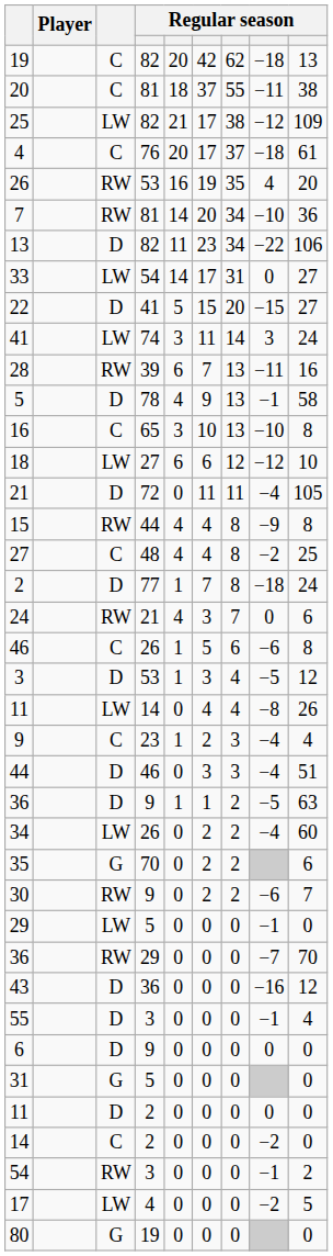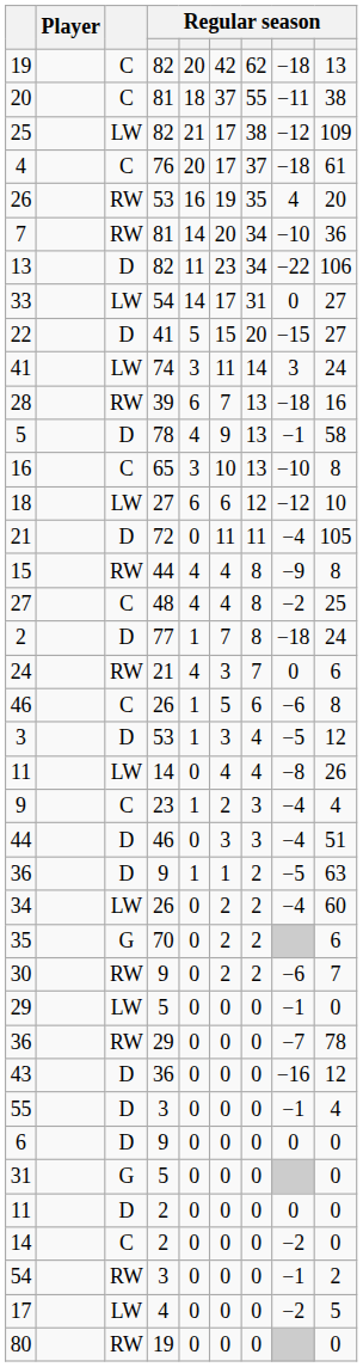 <table class="wikitable sortable plainrowheaders" style="text-align:center;">
 <tr>
 <th scope="col" data-sort-type="number" rowspan="2"></th>
 <th scope="col" rowspan="2">Player</th>
 <th scope="col" rowspan="2"></th>
 <th scope=colgroup colspan=6>Regular season</th>
 </tr>
 <tr>
 <th scope="col" data-sort-type="number"></th>
 <th scope="col" data-sort-type="number"></th>
 <th scope="col" data-sort-type="number"></th>
 <th scope="col" data-sort-type="number"></th>
 <th scope="col" data-sort-type="number"></th>
 <th scope="col" data-sort-type="number"></th>
 </tr>
 <tr>
 <td scope="row">19</td>
 <td align="left"></td>
 <td>C</td>
 <td>82</td>
 <td>20</td>
 <td>42</td>
 <td>62</td>
 <td>−18</td>
 <td>13</td>
 </tr>
 <tr>
 <td scope="row">20</td>
 <td align="left"></td>
 <td>C</td>
 <td>81</td>
 <td>18</td>
 <td>37</td>
 <td>55</td>
 <td>−11</td>
 <td>38</td>
 </tr>
 <tr>
 <td scope="row">25</td>
 <td align="left"></td>
 <td>LW</td>
 <td>82</td>
 <td>21</td>
 <td>17</td>
 <td>38</td>
 <td>−12</td>
 <td>109</td>
 </tr>
 <tr>
 <td scope="row">4</td>
 <td align="left"></td>
 <td>C</td>
 <td>76</td>
 <td>20</td>
 <td>17</td>
 <td>37</td>
 <td>−18</td>
 <td>61</td>
 </tr>
 <tr>
 <td scope="row">26</td>
 <td align="left"></td>
 <td>RW</td>
 <td>53</td>
 <td>16</td>
 <td>19</td>
 <td>35</td>
 <td>4</td>
 <td>20</td>
 </tr>
 <tr>
 <td scope="row">7</td>
 <td align="left"></td>
 <td>RW</td>
 <td>81</td>
 <td>14</td>
 <td>20</td>
 <td>34</td>
 <td>−10</td>
 <td>36</td>
 </tr>
 <tr>
 <td scope="row">13</td>
 <td align="left"></td>
 <td>D</td>
 <td>82</td>
 <td>11</td>
 <td>23</td>
 <td>34</td>
 <td>−22</td>
 <td>106</td>
 </tr>
 <tr>
 <td scope="row">33</td>
 <td align="left"></td>
 <td>LW</td>
 <td>54</td>
 <td>14</td>
 <td>17</td>
 <td>31</td>
 <td>0</td>
 <td>27</td>
 </tr>
 <tr>
 <td scope="row">22</td>
 <td align="left"></td>
 <td>D</td>
 <td>41</td>
 <td>5</td>
 <td>15</td>
 <td>20</td>
 <td>−15</td>
 <td>27</td>
 </tr>
 <tr>
 <td scope="row">41</td>
 <td align="left"></td>
 <td>LW</td>
 <td>74</td>
 <td>3</td>
 <td>11</td>
 <td>14</td>
 <td>3</td>
 <td>24</td>
 </tr>
 <tr>
 <td scope="row">28</td>
 <td align="left"></td>
 <td>RW</td>
 <td>39</td>
 <td>6</td>
 <td>7</td>
 <td>13</td>
-<td>−11</td>
+<td>−18</td>
 <td>16</td>
 </tr>
 <tr>
 <td scope="row">5</td>
 <td align="left"></td>
 <td>D</td>
 <td>78</td>
 <td>4</td>
 <td>9</td>
 <td>13</td>
 <td>−1</td>
 <td>58</td>
 </tr>
 <tr>
 <td scope="row">16</td>
 <td align="left"></td>
 <td>C</td>
 <td>65</td>
 <td>3</td>
 <td>10</td>
 <td>13</td>
 <td>−10</td>
 <td>8</td>
 </tr>
 <tr>
 <td scope="row">18</td>
 <td align="left"></td>
 <td>LW</td>
 <td>27</td>
 <td>6</td>
 <td>6</td>
 <td>12</td>
 <td>−12</td>
 <td>10</td>
 </tr>
 <tr>
 <td scope="row">21</td>
 <td align="left"></td>
 <td>D</td>
 <td>72</td>
 <td>0</td>
 <td>11</td>
 <td>11</td>
 <td>−4</td>
 <td>105</td>
 </tr>
 <tr>
 <td scope="row">15</td>
 <td align="left"></td>
 <td>RW</td>
 <td>44</td>
 <td>4</td>
 <td>4</td>
 <td>8</td>
 <td>−9</td>
 <td>8</td>
 </tr>
 <tr>
 <td scope="row">27</td>
 <td align="left"></td>
 <td>C</td>
 <td>48</td>
 <td>4</td>
 <td>4</td>
 <td>8</td>
 <td>−2</td>
 <td>25</td>
 </tr>
 <tr>
 <td scope="row">2</td>
 <td align="left"></td>
 <td>D</td>
 <td>77</td>
 <td>1</td>
 <td>7</td>
 <td>8</td>
 <td>−18</td>
 <td>24</td>
 </tr>
 <tr>
 <td scope="row">24</td>
 <td align="left"></td>
 <td>RW</td>
 <td>21</td>
 <td>4</td>
 <td>3</td>
 <td>7</td>
 <td>0</td>
 <td>6</td>
 </tr>
 <tr>
 <td scope="row">46</td>
 <td align="left"></td>
 <td>C</td>
 <td>26</td>
 <td>1</td>
 <td>5</td>
 <td>6</td>
 <td>−6</td>
 <td>8</td>
 </tr>
 <tr>
 <td scope="row">3</td>
 <td align="left"></td>
 <td>D</td>
 <td>53</td>
 <td>1</td>
 <td>3</td>
 <td>4</td>
 <td>−5</td>
 <td>12</td>
 </tr>
 <tr>
 <td scope="row">11</td>
 <td align="left"></td>
 <td>LW</td>
 <td>14</td>
 <td>0</td>
 <td>4</td>
 <td>4</td>
 <td>−8</td>
 <td>26</td>
 </tr>
 <tr>
 <td scope="row">9</td>
 <td align="left"></td>
 <td>C</td>
 <td>23</td>
 <td>1</td>
 <td>2</td>
 <td>3</td>
 <td>−4</td>
 <td>4</td>
 </tr>
 <tr>
 <td scope="row">44</td>
 <td align="left"></td>
 <td>D</td>
 <td>46</td>
 <td>0</td>
 <td>3</td>
 <td>3</td>
 <td>−4</td>
 <td>51</td>
 </tr>
 <tr>
 <td scope="row">36</td>
 <td align="left"></td>
 <td>D</td>
 <td>9</td>
 <td>1</td>
 <td>1</td>
 <td>2</td>
 <td>−5</td>
 <td>63</td>
 </tr>
 <tr>
 <td scope="row">34</td>
 <td align="left"></td>
 <td>LW</td>
 <td>26</td>
 <td>0</td>
 <td>2</td>
 <td>2</td>
 <td>−4</td>
 <td>60</td>
 </tr>
 <tr>
 <td scope="row">35</td>
 <td align="left"></td>
 <td>G</td>
 <td>70</td>
 <td>0</td>
 <td>2</td>
 <td>2</td>
 <td style="background:#ccc"></td>
 <td>6</td>
 </tr>
 <tr>
 <td scope="row">30</td>
 <td align="left"></td>
 <td>RW</td>
 <td>9</td>
 <td>0</td>
 <td>2</td>
 <td>2</td>
 <td>−6</td>
 <td>7</td>
 </tr>
 <tr>
 <td scope="row">29</td>
 <td align="left"></td>
 <td>LW</td>
 <td>5</td>
 <td>0</td>
 <td>0</td>
 <td>0</td>
 <td>−1</td>
 <td>0</td>
 </tr>
 <tr>
 <td scope="row">36</td>
 <td align="left"></td>
 <td>RW</td>
 <td>29</td>
 <td>0</td>
 <td>0</td>
 <td>0</td>
 <td>−7</td>
-<td>70</td>
+<td>78</td>
 </tr>
 <tr>
 <td scope="row">43</td>
 <td align="left"></td>
 <td>D</td>
 <td>36</td>
 <td>0</td>
 <td>0</td>
 <td>0</td>
 <td>−16</td>
 <td>12</td>
 </tr>
 <tr>
 <td scope="row">55</td>
 <td align="left"></td>
 <td>D</td>
 <td>3</td>
 <td>0</td>
 <td>0</td>
 <td>0</td>
 <td>−1</td>
 <td>4</td>
 </tr>
 <tr>
 <td scope="row">6</td>
 <td align="left"></td>
 <td>D</td>
 <td>9</td>
 <td>0</td>
 <td>0</td>
 <td>0</td>
 <td>0</td>
 <td>0</td>
 </tr>
 <tr>
 <td scope="row">31</td>
 <td align="left"></td>
 <td>G</td>
 <td>5</td>
 <td>0</td>
 <td>0</td>
 <td>0</td>
 <td style="background:#ccc"></td>
 <td>0</td>
 </tr>
 <tr>
 <td scope="row">11</td>
 <td align="left"></td>
 <td>D</td>
 <td>2</td>
 <td>0</td>
 <td>0</td>
 <td>0</td>
 <td>0</td>
 <td>0</td>
 </tr>
 <tr>
 <td scope="row">14</td>
 <td align="left"></td>
 <td>C</td>
 <td>2</td>
 <td>0</td>
 <td>0</td>
 <td>0</td>
 <td>−2</td>
 <td>0</td>
 </tr>
 <tr>
 <td scope="row">54</td>
 <td align="left"></td>
 <td>RW</td>
 <td>3</td>
 <td>0</td>
 <td>0</td>
 <td>0</td>
 <td>−1</td>
 <td>2</td>
 </tr>
 <tr>
 <td scope="row">17</td>
 <td align="left"></td>
 <td>LW</td>
 <td>4</td>
 <td>0</td>
 <td>0</td>
 <td>0</td>
 <td>−2</td>
 <td>5</td>
 </tr>
 <tr>
 <td scope="row">80</td>
 <td align="left"></td>
-<td>G</td>
+<td>RW</td>
 <td>19</td>
 <td>0</td>
 <td>0</td>
 <td>0</td>
 <td style="background:#ccc"></td>
 <td>0</td>
 </tr>
 </table>
